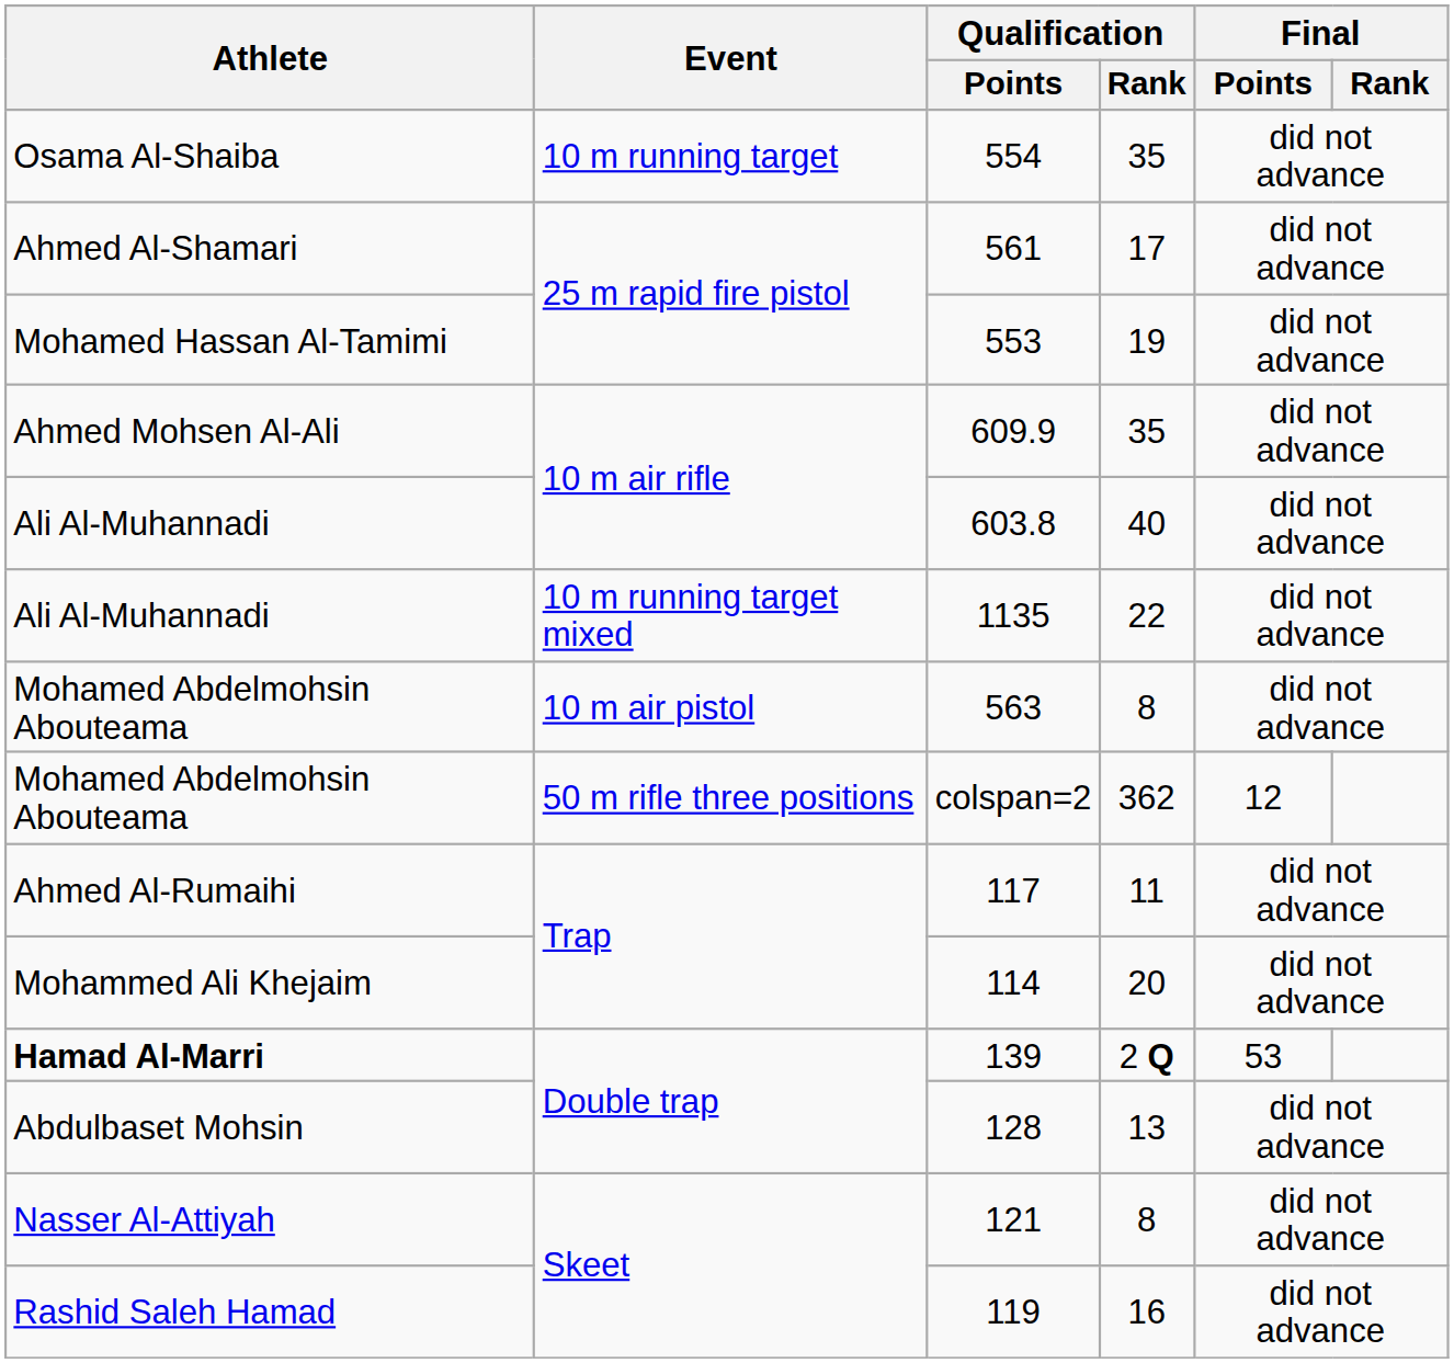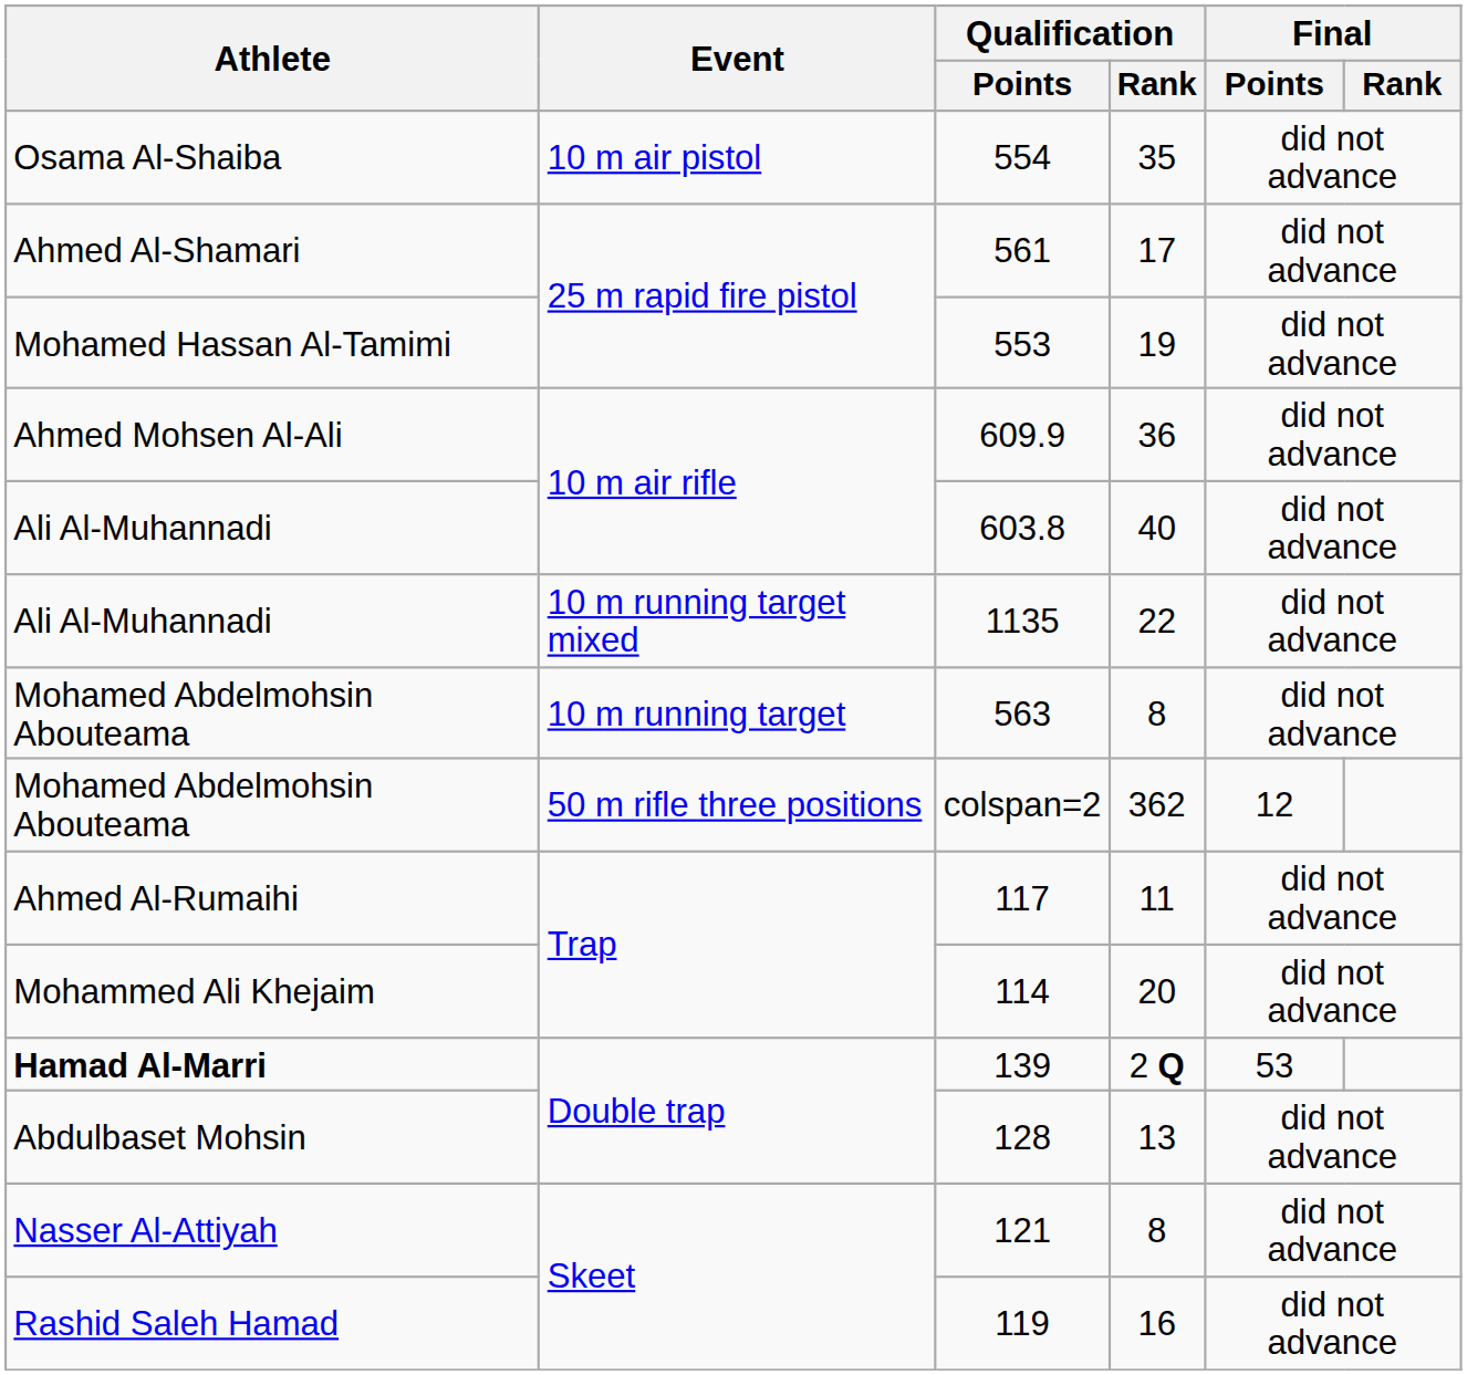 <table class=wikitable style=font-size:90%;text-align:center>
 <tr>
 <th rowspan="2">Athlete</th>
 <th rowspan="2">Event</th>
 <th colspan=2>Qualification</th>
 <th colspan=2>Final</th>
 </tr>
 <tr style="font-size:95%">
 <th>Points</th>
 <th>Rank</th>
 <th>Points</th>
 <th>Rank</th>
 </tr>
 <tr>
 <td align=left>Osama Al-Shaiba</td>
-<td align=left><a href='#'>10 m running target</a></td>
+<td align=left><a href='#'>10 m air pistol</a></td>
 <td>554</td>
 <td>35</td>
 <td colspan=2>did not advance</td>
 </tr>
 <tr>
 <td align=left>Ahmed Al-Shamari</td>
 <td align=left rowspan=2><a href='#'>25 m rapid fire pistol</a></td>
 <td>561</td>
 <td>17</td>
 <td colspan=2>did not advance</td>
 </tr>
 <tr>
 <td align=left>Mohamed Hassan Al-Tamimi</td>
 <td>553</td>
 <td>19</td>
 <td colspan=2>did not advance</td>
 </tr>
 <tr>
 <td align=left>Ahmed Mohsen Al-Ali</td>
 <td align=left rowspan=2><a href='#'>10 m air rifle</a></td>
 <td>609.9</td>
-<td>35</td>
+<td>36</td>
 <td colspan=2>did not advance</td>
 </tr>
 <tr>
 <td align=left>Ali Al-Muhannadi</td>
 <td>603.8</td>
 <td>40</td>
 <td colspan=2>did not advance</td>
 </tr>
 <tr>
 <td align=left>Ali Al-Muhannadi</td>
 <td align=left><a href='#'>10 m running target mixed</a></td>
 <td>1135</td>
 <td>22</td>
 <td colspan=2>did not advance</td>
 </tr>
 <tr>
 <td align=left>Mohamed Abdelmohsin Abouteama</td>
-<td align=left><a href='#'>10 m air pistol</a></td>
+<td align=left><a href='#'>10 m running target</a></td>
 <td>563</td>
 <td>8</td>
 <td colspan=2>did not advance</td>
 </tr>
 <tr>
 <td align=left>Mohamed Abdelmohsin Abouteama</td>
 <td align=left><a href='#'>50 m rifle three positions</a></td>
 <td>colspan=2 </td>
 <td>362</td>
 <td>12</td>
 </tr>
 <tr>
 <td align=left>Ahmed Al-Rumaihi</td>
 <td align=left rowspan=2><a href='#'>Trap</a></td>
 <td>117</td>
 <td>11</td>
 <td colspan=2>did not advance</td>
 </tr>
 <tr>
 <td align=left>Mohammed Ali Khejaim</td>
 <td>114</td>
 <td>20</td>
 <td colspan=2>did not advance</td>
 </tr>
 <tr>
 <td align=left><strong>Hamad Al-Marri</strong></td>
 <td align=left rowspan=2><a href='#'>Double trap</a></td>
 <td>139</td>
 <td>2 <strong>Q</strong></td>
 <td>53</td>
 <td></td>
 </tr>
 <tr>
 <td align=left>Abdulbaset Mohsin</td>
 <td>128</td>
 <td>13</td>
 <td colspan=2>did not advance</td>
 </tr>
 <tr>
 <td align=left><a href='#'>Nasser Al-Attiyah</a></td>
 <td align=left rowspan=2><a href='#'>Skeet</a></td>
 <td>121</td>
 <td>8</td>
 <td colspan=2>did not advance</td>
 </tr>
 <tr>
 <td align=left><a href='#'>Rashid Saleh Hamad</a></td>
 <td>119</td>
 <td>16</td>
 <td colspan=2>did not advance</td>
 </tr>
 </table>
